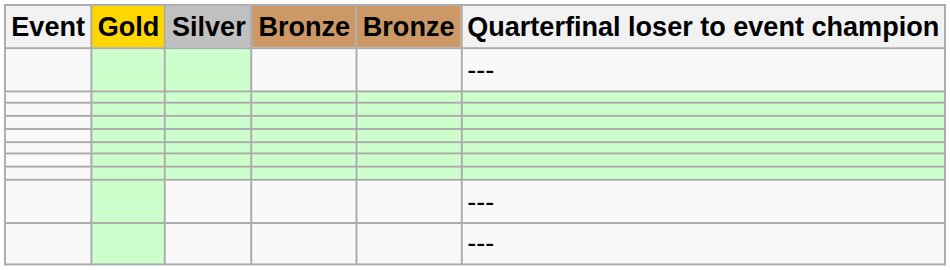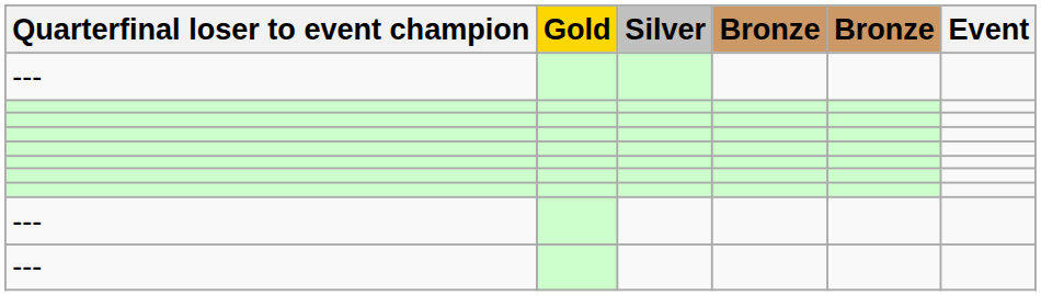 <table class="wikitable" style="font-size:90%">
 <tr>
-<th>Event</th>
+<th>Quarterfinal loser to event champion</th>
 <th style="background-color:gold">Gold</th>
 <th style="background-color:silver">Silver</th>
 <th style="background-color:#cc9966">Bronze</th>
 <th style="background-color:#cc9966">Bronze</th>
-<th>Quarterfinal loser to event champion</th>
+<th>Event</th>
 </tr>
 <tr>
-<td></td>
+<td>---</td>
 <td style="background-color:#ccffcc"></td>
 <td style="background-color:#ccffcc"></td>
 <td></td>
 <td></td>
-<td>---</td>
+<td></td>
 </tr>
 <tr>
-<td></td>
 <td style="background-color:#ccffcc"></td>
 <td style="background-color:#ccffcc"></td>
 <td style="background-color:#ccffcc"></td>
 <td style="background-color:#ccffcc"></td>
 <td style="background-color:#ccffcc"></td>
+<td></td>
 </tr>
 <tr>
-<td></td>
 <td style="background-color:#ccffcc"></td>
 <td style="background-color:#ccffcc"></td>
 <td style="background-color:#ccffcc"></td>
 <td style="background-color:#ccffcc"></td>
 <td style="background-color:#ccffcc"></td>
+<td></td>
 </tr>
 <tr>
-<td></td>
 <td style="background-color:#ccffcc"></td>
 <td style="background-color:#ccffcc"></td>
 <td style="background-color:#ccffcc"></td>
 <td style="background-color:#ccffcc"></td>
 <td style="background-color:#ccffcc"></td>
+<td></td>
 </tr>
 <tr>
-<td></td>
 <td style="background-color:#ccffcc"></td>
 <td style="background-color:#ccffcc"></td>
 <td style="background-color:#ccffcc"></td>
 <td style="background-color:#ccffcc"></td>
 <td style="background-color:#ccffcc"></td>
+<td></td>
 </tr>
 <tr>
-<td></td>
 <td style="background-color:#ccffcc"></td>
 <td style="background-color:#ccffcc"></td>
 <td style="background-color:#ccffcc"></td>
 <td style="background-color:#ccffcc"></td>
 <td style="background-color:#ccffcc"></td>
+<td></td>
 </tr>
 <tr>
-<td></td>
 <td style="background-color:#ccffcc"></td>
 <td style="background-color:#ccffcc"></td>
 <td style="background-color:#ccffcc"></td>
 <td style="background-color:#ccffcc"></td>
 <td style="background-color:#ccffcc"></td>
+<td></td>
 </tr>
 <tr>
-<td></td>
 <td style="background-color:#ccffcc"></td>
 <td style="background-color:#ccffcc"></td>
 <td style="background-color:#ccffcc"></td>
 <td style="background-color:#ccffcc"></td>
 <td style="background-color:#ccffcc"></td>
+<td></td>
 </tr>
 <tr>
-<td></td>
+<td>---</td>
 <td style="background-color:#ccffcc"></td>
 <td></td>
 <td></td>
 <td></td>
-<td>---</td>
+<td></td>
 </tr>
 <tr>
-<td></td>
+<td>---</td>
 <td style="background-color:#ccffcc"></td>
 <td></td>
 <td></td>
 <td></td>
-<td>---</td>
+<td></td>
 </tr>
 </table>
